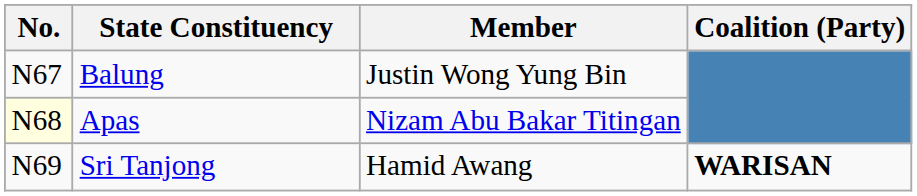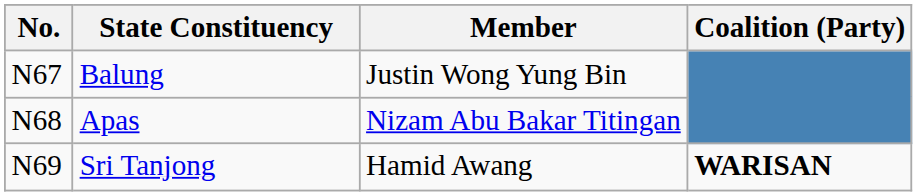 <table class="wikitable sortable">
 <tr>
 <th width="30">No.</th>
 <th width="150">State Constituency</th>
 <th>Member</th>
 <th>Coalition (Party)</th>
 </tr>
 <tr>
 <td>N67</td>
 <td><a href='#'>Balung</a></td>
 <td>Justin Wong Yung Bin</td>
 <td rowspan=2 style="background-color: #4682B4;"></td>
 </tr>
 <tr>
-<td style="background: lightyellow;">N68</td>
+<td>N68</td>
 <td><a href='#'>Apas</a></td>
 <td><a href='#'>Nizam Abu Bakar Titingan</a></td>
 </tr>
 <tr>
 <td>N69</td>
 <td><a href='#'>Sri Tanjong</a></td>
 <td>Hamid Awang</td>
 <td><strong>WARISAN</strong></td>
 </tr>
 </table>
